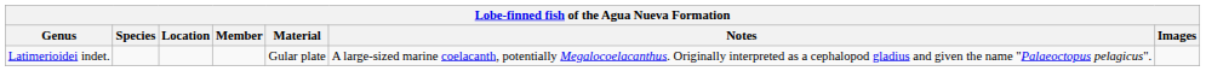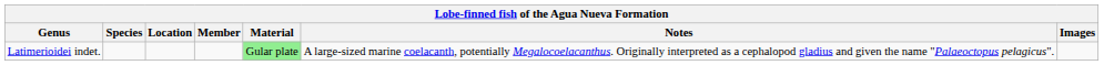 <table class="wikitable" align="center">
 <tr>
 <th colspan="7" align="center"><a href='#'>Lobe-finned fish</a> of the Agua Nueva Formation</th>
 </tr>
 <tr>
 <th>Genus</th>
 <th>Species</th>
 <th>Location</th>
 <th>Member</th>
 <th>Material</th>
 <th>Notes</th>
 <th>Images</th>
 </tr>
 <tr>
 <td><a href='#'>Latimerioidei</a> indet.</td>
 <td></td>
 <td></td>
 <td></td>
-<td>Gular plate</td>
+<td style="background: lightgreen;">Gular plate</td>
 <td>A large-sized marine <a href='#'>coelacanth</a>, potentially <em><a href='#'>Megalocoelacanthus</a></em>. Originally interpreted as a cephalopod <a href='#'>gladius</a> and given the name "<em><a href='#'>Palaeoctopus</a> pelagicus</em>".</td>
 <td></td>
 </tr>
 </table>
